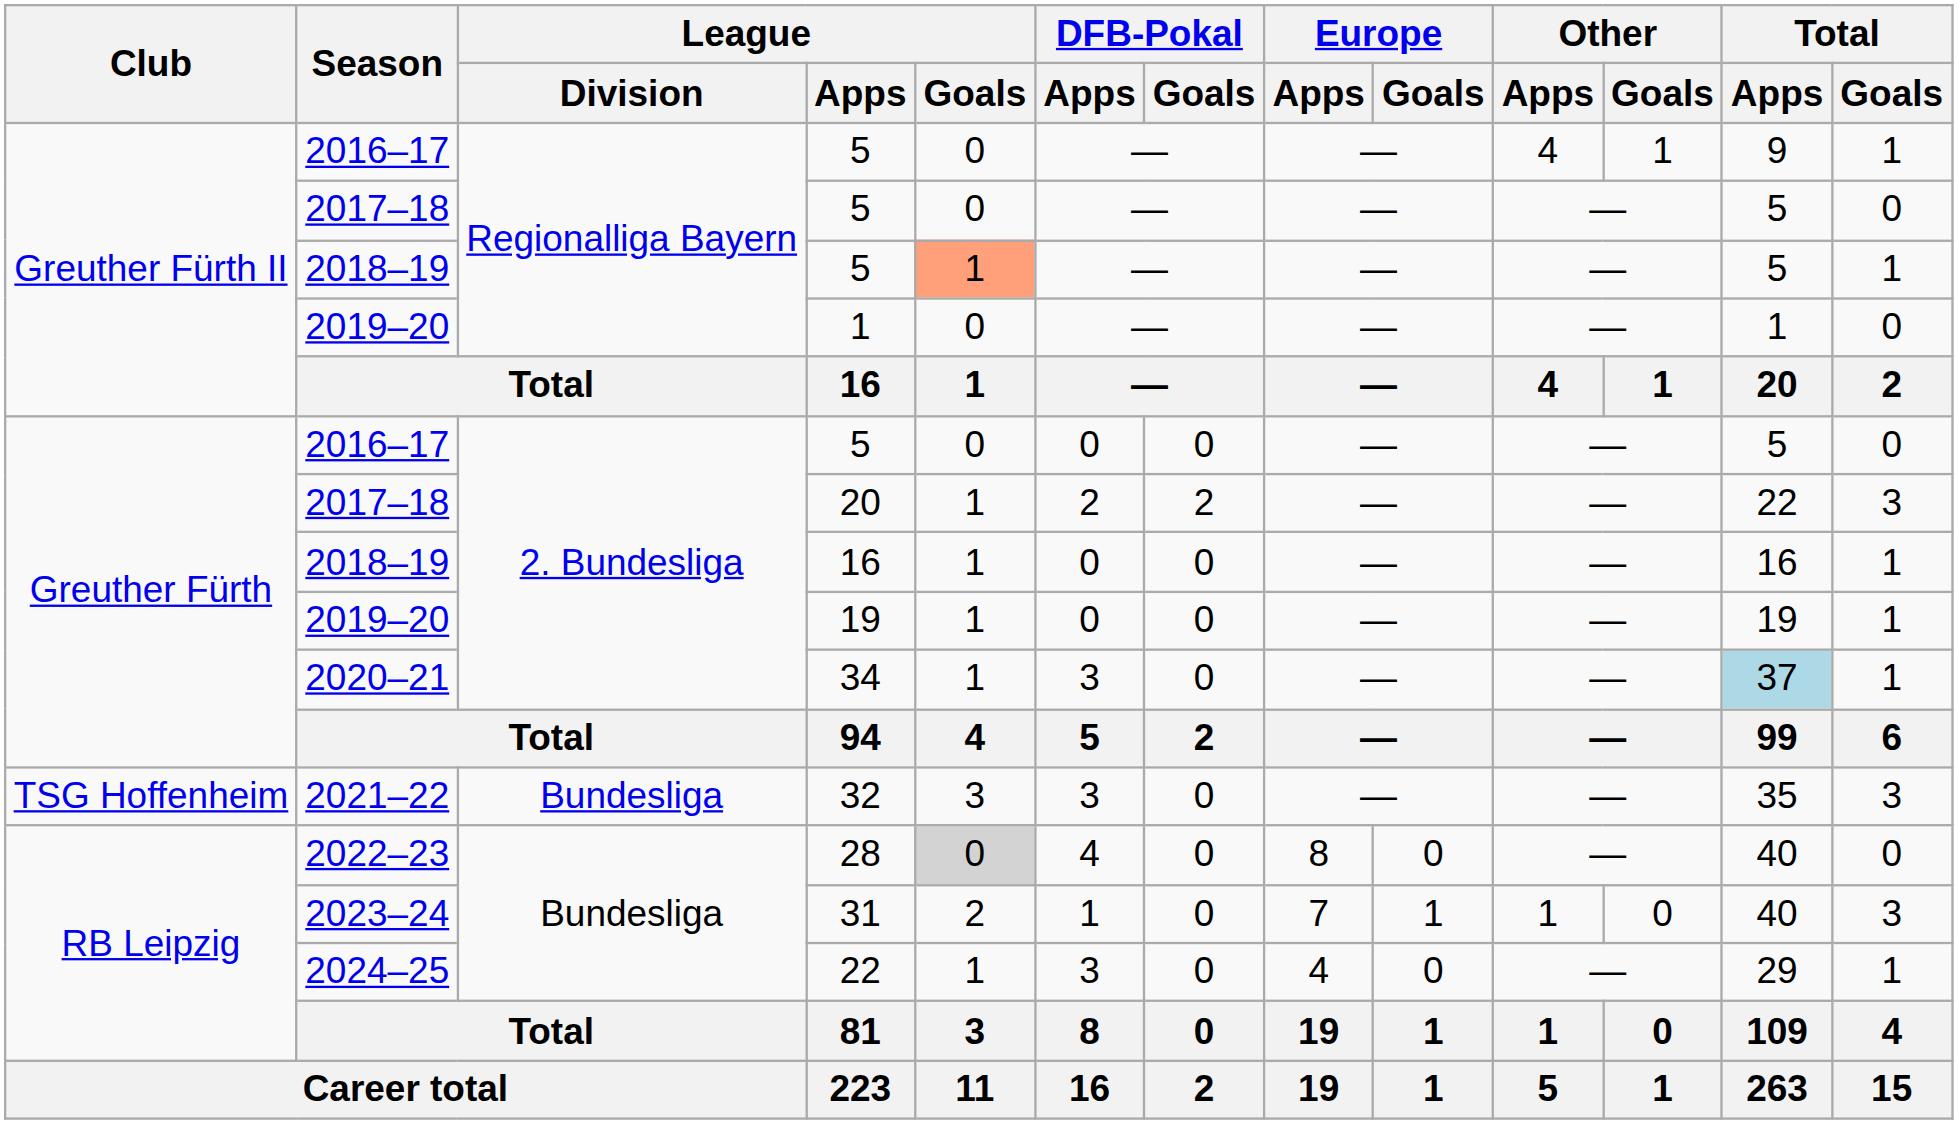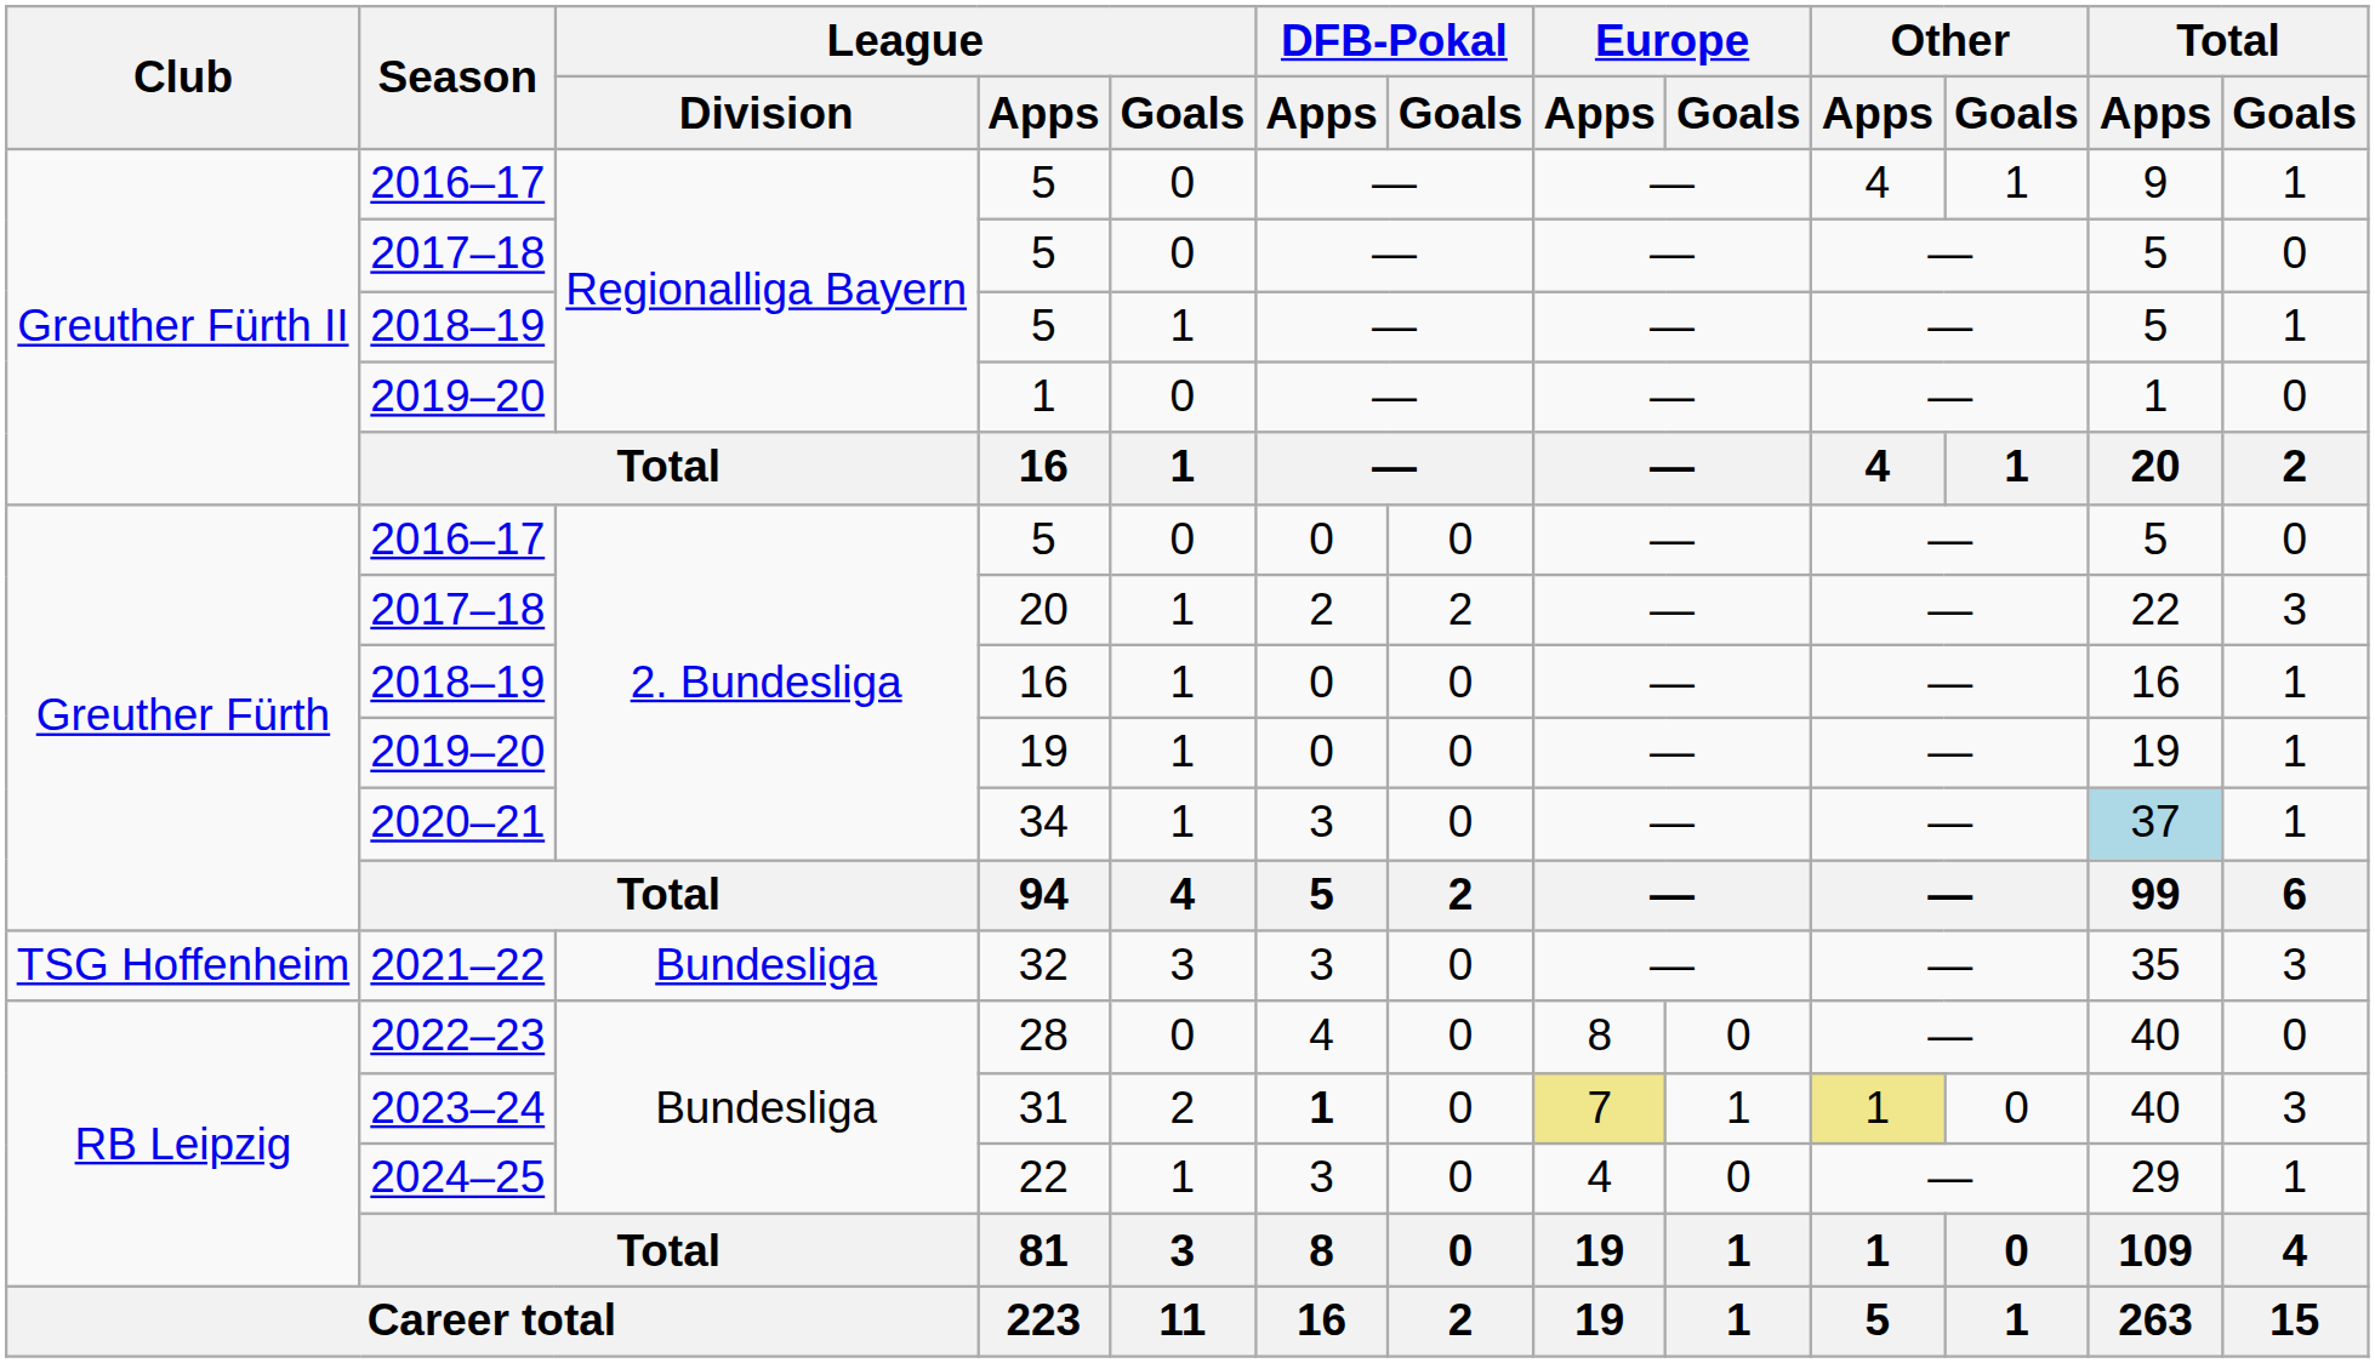 <table class="wikitable" style="text-align:center">
 <tr>
 <th rowspan="2">Club</th>
 <th rowspan="2">Season</th>
 <th colspan="3">League</th>
 <th colspan="2"><a href='#'>DFB-Pokal</a></th>
 <th colspan="2"><a href='#'>Europe</a></th>
 <th colspan="2">Other</th>
 <th colspan="2">Total</th>
 </tr>
 <tr>
 <th>Division</th>
 <th>Apps</th>
 <th>Goals</th>
 <th>Apps</th>
 <th>Goals</th>
 <th>Apps</th>
 <th>Goals</th>
 <th>Apps</th>
 <th>Goals</th>
 <th>Apps</th>
 <th>Goals</th>
 </tr>
 <tr>
 <td rowspan="5"><a href='#'>Greuther Fürth II</a></td>
 <td><a href='#'>2016–17</a></td>
 <td rowspan="4"><a href='#'>Regionalliga Bayern</a></td>
 <td>5</td>
 <td>0</td>
 <td colspan="2">—</td>
 <td colspan="2">—</td>
 <td>4</td>
 <td>1</td>
 <td>9</td>
 <td>1</td>
 </tr>
 <tr>
 <td><a href='#'>2017–18</a></td>
 <td>5</td>
 <td>0</td>
 <td colspan="2">—</td>
 <td colspan="2">—</td>
 <td colspan="2">—</td>
 <td>5</td>
 <td>0</td>
 </tr>
 <tr>
 <td><a href='#'>2018–19</a></td>
 <td>5</td>
-<td style="background: lightsalmon;">1</td>
+<td>1</td>
 <td colspan="2">—</td>
 <td colspan="2">—</td>
 <td colspan="2">—</td>
 <td>5</td>
 <td>1</td>
 </tr>
 <tr>
 <td><a href='#'>2019–20</a></td>
 <td>1</td>
 <td>0</td>
 <td colspan="2">—</td>
 <td colspan="2">—</td>
 <td colspan="2">—</td>
 <td>1</td>
 <td>0</td>
 </tr>
 <tr>
 <th colspan="2">Total</th>
 <th>16</th>
 <th>1</th>
 <th colspan="2">—</th>
 <th colspan="2">—</th>
 <th>4</th>
 <th>1</th>
 <th>20</th>
 <th>2</th>
 </tr>
 <tr>
 <td rowspan="6"><a href='#'>Greuther Fürth</a></td>
 <td><a href='#'>2016–17</a></td>
 <td rowspan="5"><a href='#'>2. Bundesliga</a></td>
 <td>5</td>
 <td>0</td>
 <td>0</td>
 <td>0</td>
 <td colspan="2">—</td>
 <td colspan="2">—</td>
 <td>5</td>
 <td>0</td>
 </tr>
 <tr>
 <td><a href='#'>2017–18</a></td>
 <td>20</td>
 <td>1</td>
 <td>2</td>
 <td>2</td>
 <td colspan="2">—</td>
 <td colspan="2">—</td>
 <td>22</td>
 <td>3</td>
 </tr>
 <tr>
 <td><a href='#'>2018–19</a></td>
 <td>16</td>
 <td>1</td>
 <td>0</td>
 <td>0</td>
 <td colspan="2">—</td>
 <td colspan="2">—</td>
 <td>16</td>
 <td>1</td>
 </tr>
 <tr>
 <td><a href='#'>2019–20</a></td>
 <td>19</td>
 <td>1</td>
 <td>0</td>
 <td>0</td>
 <td colspan="2">—</td>
 <td colspan="2">—</td>
 <td>19</td>
 <td>1</td>
 </tr>
 <tr>
 <td><a href='#'>2020–21</a></td>
 <td>34</td>
 <td>1</td>
 <td>3</td>
 <td>0</td>
 <td colspan="2">—</td>
 <td colspan="2">—</td>
 <td style="background: lightblue;">37</td>
 <td>1</td>
 </tr>
 <tr>
 <th colspan="2">Total</th>
 <th>94</th>
 <th>4</th>
 <th>5</th>
 <th>2</th>
 <th colspan="2">—</th>
 <th colspan="2">—</th>
 <th>99</th>
 <th>6</th>
 </tr>
 <tr>
 <td><a href='#'>TSG Hoffenheim</a></td>
 <td><a href='#'>2021–22</a></td>
 <td><a href='#'>Bundesliga</a></td>
 <td>32</td>
 <td>3</td>
 <td>3</td>
 <td>0</td>
 <td colspan="2">—</td>
 <td colspan="2">—</td>
 <td>35</td>
 <td>3</td>
 </tr>
 <tr>
 <td rowspan="4"><a href='#'>RB Leipzig</a></td>
 <td><a href='#'>2022–23</a></td>
 <td rowspan="3">Bundesliga</td>
 <td>28</td>
-<td style="background: lightgrey;">0</td>
+<td>0</td>
 <td>4</td>
 <td>0</td>
 <td>8</td>
 <td>0</td>
 <td colspan="2">—</td>
 <td>40</td>
 <td>0</td>
 </tr>
 <tr>
 <td><a href='#'>2023–24</a></td>
 <td>31</td>
 <td>2</td>
+<td><strong>1</strong></td>
+<td>0</td>
+<td style="background: khaki;">7</td>
 <td>1</td>
-<td>0</td>
-<td>7</td>
-<td>1</td>
-<td>1</td>
+<td style="background: khaki;">1</td>
 <td>0</td>
 <td>40</td>
 <td>3</td>
 </tr>
 <tr>
 <td><a href='#'>2024–25</a></td>
 <td>22</td>
 <td>1</td>
 <td>3</td>
 <td>0</td>
 <td>4</td>
 <td>0</td>
 <td colspan="2">—</td>
 <td>29</td>
 <td>1</td>
 </tr>
 <tr>
 <th colspan="2">Total</th>
 <th>81</th>
 <th>3</th>
 <th>8</th>
 <th>0</th>
 <th>19</th>
 <th>1</th>
 <th>1</th>
 <th>0</th>
 <th>109</th>
 <th>4</th>
 </tr>
 <tr>
 <th colspan="3">Career total</th>
 <th>223</th>
 <th>11</th>
 <th>16</th>
 <th>2</th>
 <th>19</th>
 <th>1</th>
 <th>5</th>
 <th>1</th>
 <th>263</th>
 <th>15</th>
 </tr>
 </table>
